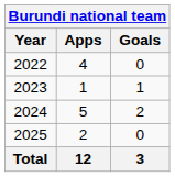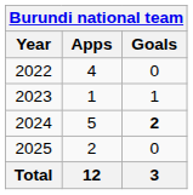 <table class="wikitable" style="text-align:center">
 <tr>
 <th colspan=3><a href='#'>Burundi national team</a></th>
 </tr>
 <tr>
 <th>Year</th>
 <th>Apps</th>
 <th>Goals</th>
 </tr>
 <tr>
 <td>2022</td>
 <td>4</td>
 <td>0</td>
 </tr>
 <tr>
 <td>2023</td>
 <td>1</td>
 <td>1</td>
 </tr>
 <tr>
 <td>2024</td>
 <td>5</td>
-<td>2</td>
+<td><strong>2</strong></td>
 </tr>
 <tr>
 <td>2025</td>
 <td>2</td>
 <td>0</td>
 </tr>
 <tr>
 <th>Total</th>
 <th>12</th>
 <th>3</th>
 </tr>
 </table>
